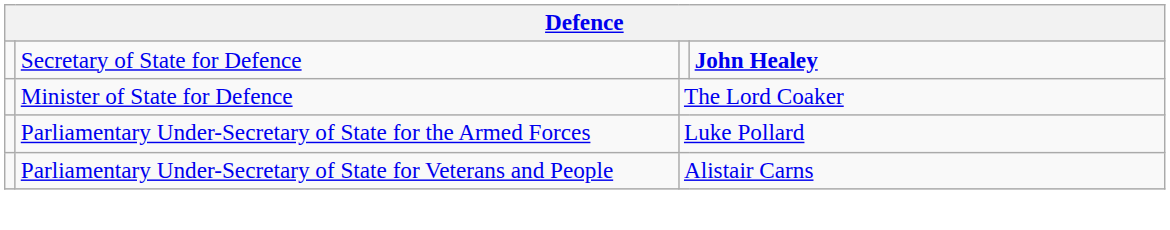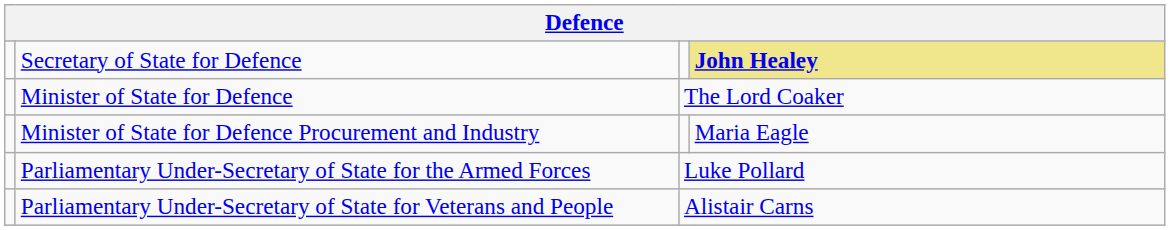 <table class="wikitable">
 <tr>
 <th colspan="4"><a href='#'>Defence</a></th>
 </tr>
 <tr>
 <td style="background: "></td>
 <td style="width: 450px;"><a href='#'>Secretary of State for Defence</a></td>
 <td style="background: "></td>
-<td style="width: 320px;"><strong><a href='#'>John Healey</a></strong></td>
+<td style="background: khaki; width: 320px;"><strong><a href='#'>John Healey</a></strong></td>
 </tr>
 <tr>
 <td style="background: "></td>
 <td><a href='#'>Minister of State for Defence</a></td>
 <td colspan="2"><a href='#'>The Lord Coaker</a></td>
+</tr>
+<tr>
+<td style="background: "></td>
+<td><a href='#'>Minister of State for Defence Procurement and Industry</a></td>
+<td style="background: "></td>
+<td><a href='#'>Maria Eagle</a></td>
 </tr>
 <tr>
 <td style="background: "></td>
 <td><a href='#'>Parliamentary Under-Secretary of State for the Armed Forces</a></td>
 <td colspan="2"><a href='#'>Luke Pollard</a></td>
 </tr>
 <tr>
 <td style="background: "></td>
 <td><a href='#'>Parliamentary Under-Secretary of State for Veterans and People</a></td>
 <td colspan="2"><a href='#'>Alistair Carns</a> </td>
 </tr>
 </table>
